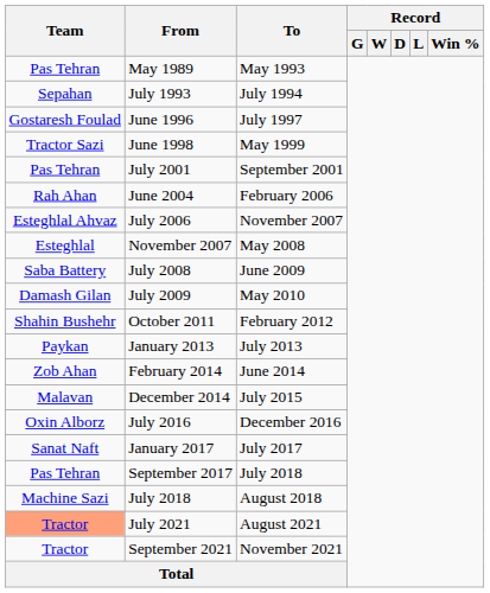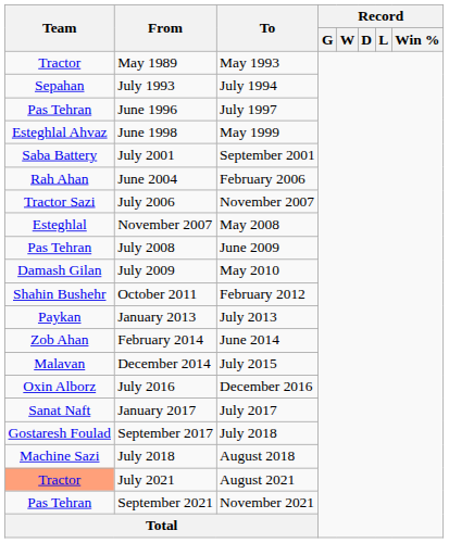 <table class="wikitable" style="text-align: center">
 <tr>
 <th rowspan="2">Team</th>
 <th rowspan="2">From</th>
 <th rowspan="2">To</th>
 <th colspan="5">Record</th>
 </tr>
 <tr>
 <th>G</th>
 <th>W</th>
 <th>D</th>
 <th>L</th>
 <th>Win %</th>
 </tr>
 <tr>
-<td><a href='#'>Pas Tehran</a></td>
+<td><a href='#'>Tractor</a></td>
 <td align="left">May 1989</td>
 <td align="left">May 1993<br></td>
 </tr>
 <tr>
 <td><a href='#'>Sepahan</a></td>
 <td align="left">July 1993</td>
 <td align="left">July 1994<br></td>
 </tr>
 <tr>
-<td><a href='#'>Gostaresh Foulad</a></td>
+<td><a href='#'>Pas Tehran</a></td>
 <td align="left">June 1996</td>
 <td align="left">July 1997<br></td>
 </tr>
 <tr>
-<td><a href='#'>Tractor Sazi</a></td>
+<td><a href='#'>Esteghlal Ahvaz</a></td>
 <td align="left">June 1998</td>
 <td align="left">May 1999<br></td>
 </tr>
 <tr>
-<td><a href='#'>Pas Tehran</a></td>
+<td><a href='#'>Saba Battery</a></td>
 <td align="left">July 2001</td>
 <td align="left">September 2001<br></td>
 </tr>
 <tr>
 <td><a href='#'>Rah Ahan</a></td>
 <td align="left">June 2004</td>
 <td align="left">February 2006<br></td>
 </tr>
 <tr>
-<td><a href='#'>Esteghlal Ahvaz</a></td>
+<td><a href='#'>Tractor Sazi</a></td>
 <td align="left">July 2006</td>
 <td align="left">November 2007<br></td>
 </tr>
 <tr>
 <td><a href='#'>Esteghlal</a></td>
 <td align="left">November 2007</td>
 <td align="left">May 2008<br></td>
 </tr>
 <tr>
-<td><a href='#'>Saba Battery</a></td>
+<td><a href='#'>Pas Tehran</a></td>
 <td align="left">July 2008</td>
 <td align="left">June 2009<br></td>
 </tr>
 <tr>
 <td><a href='#'>Damash Gilan</a></td>
 <td align="left">July 2009</td>
 <td align="left">May 2010<br></td>
 </tr>
 <tr>
 <td><a href='#'>Shahin Bushehr</a></td>
 <td align="left">October 2011</td>
 <td align="left">February 2012<br></td>
 </tr>
 <tr>
 <td><a href='#'>Paykan</a></td>
 <td align="left">January 2013</td>
 <td align="left">July 2013<br></td>
 </tr>
 <tr>
 <td><a href='#'>Zob Ahan</a></td>
 <td align="left">February 2014</td>
 <td align="left">June 2014<br></td>
 </tr>
 <tr>
 <td><a href='#'>Malavan</a></td>
 <td align="left">December 2014</td>
 <td align="left">July 2015<br></td>
 </tr>
 <tr>
 <td><a href='#'>Oxin Alborz</a></td>
 <td align="left">July 2016</td>
 <td align="left">December 2016<br></td>
 </tr>
 <tr>
 <td><a href='#'>Sanat Naft</a></td>
 <td align="left">January 2017</td>
 <td align="left">July 2017<br></td>
 </tr>
 <tr>
-<td><a href='#'>Pas Tehran</a></td>
+<td><a href='#'>Gostaresh Foulad</a></td>
 <td align="left">September 2017</td>
 <td align="left">July 2018<br></td>
 </tr>
 <tr>
 <td><a href='#'>Machine Sazi</a></td>
 <td align="left">July 2018</td>
 <td align="left">August 2018<br></td>
 </tr>
 <tr>
 <td style="background: lightsalmon;"><a href='#'>Tractor</a></td>
 <td align="left">July 2021</td>
 <td align="left">August 2021<br></td>
 </tr>
 <tr>
-<td><a href='#'>Tractor</a></td>
+<td><a href='#'>Pas Tehran</a></td>
 <td align="left">September 2021</td>
 <td align="left">November 2021<br></td>
 </tr>
 <tr>
 <th colspan="3">Total<br></th>
 </tr>
 </table>
